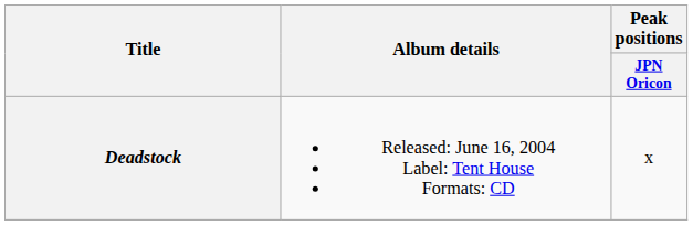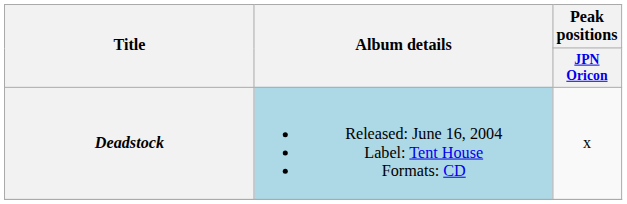 <table class="wikitable plainrowheaders" style="text-align:center;">
 <tr>
 <th style="width:15em;" rowspan="2">Title</th>
 <th style="width:18em;" rowspan="2">Album details</th>
 <th colspan="1">Peak positions</th>
 </tr>
 <tr>
 <th style="width:3em;font-size:85%"><a href='#'>JPN<br>Oricon</a><br></th>
 </tr>
 <tr>
 <th scope="row"><em>Deadstock</em></th>
-<td><br><ul><li>Released: June 16, 2004</li><li>Label: <a href='#'>Tent House</a></li><li>Formats: <a href='#'>CD</a></li></ul></td>
+<td style="background: lightblue;"><br><ul><li>Released: June 16, 2004</li><li>Label: <a href='#'>Tent House</a></li><li>Formats: <a href='#'>CD</a></li></ul></td>
 <td>x</td>
 </tr>
 <tr>
 </tr>
 </table>
